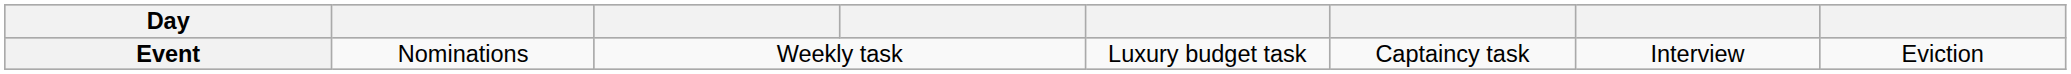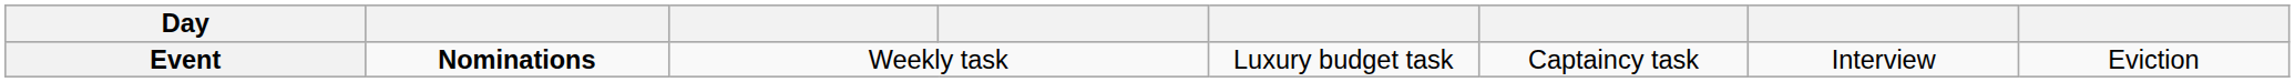 <table class="wikitable" style="text-align:center; font-size:89%; line-height:13px;">
 <tr>
 <th style="width: 8%;">Day</th>
 <th style="width: 6%;"></th>
 <th style="width: 6%;"></th>
 <th style="width: 6%;"></th>
 <th style="width: 6%;"></th>
 <th style="width: 6%;"></th>
 <th style="width: 6%;"></th>
 <th style="width: 6%;"></th>
 </tr>
 <tr>
 <th>Event</th>
-<td>Nominations</td>
+<td><strong>Nominations</strong></td>
 <td colspan="2">Weekly task</td>
 <td>Luxury budget task</td>
 <td>Captaincy task</td>
 <td>Interview</td>
 <td>Eviction</td>
 </tr>
 </table>
